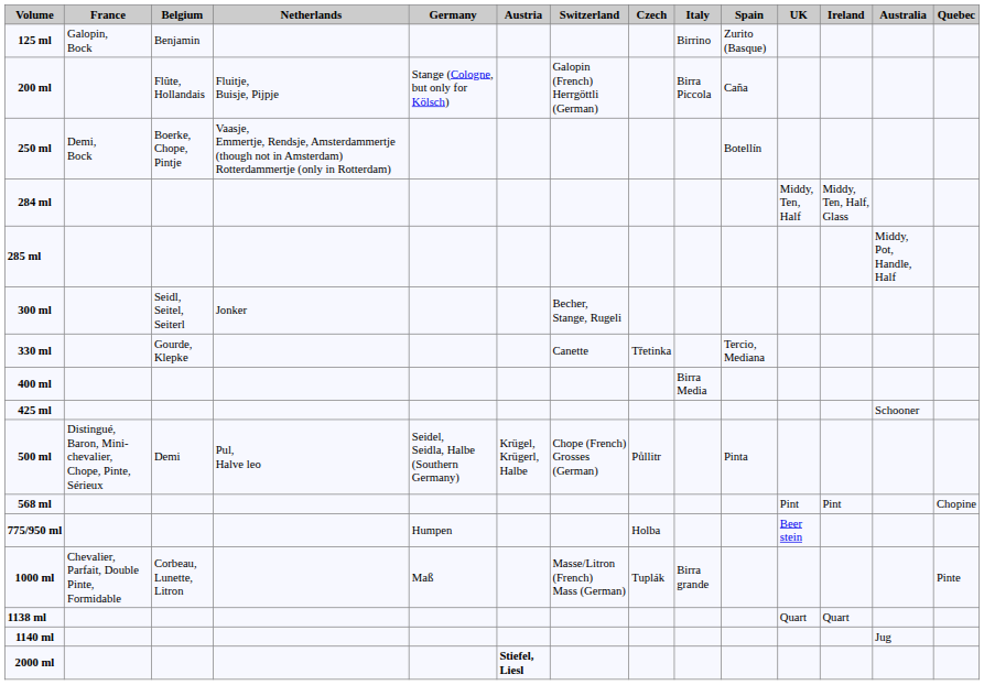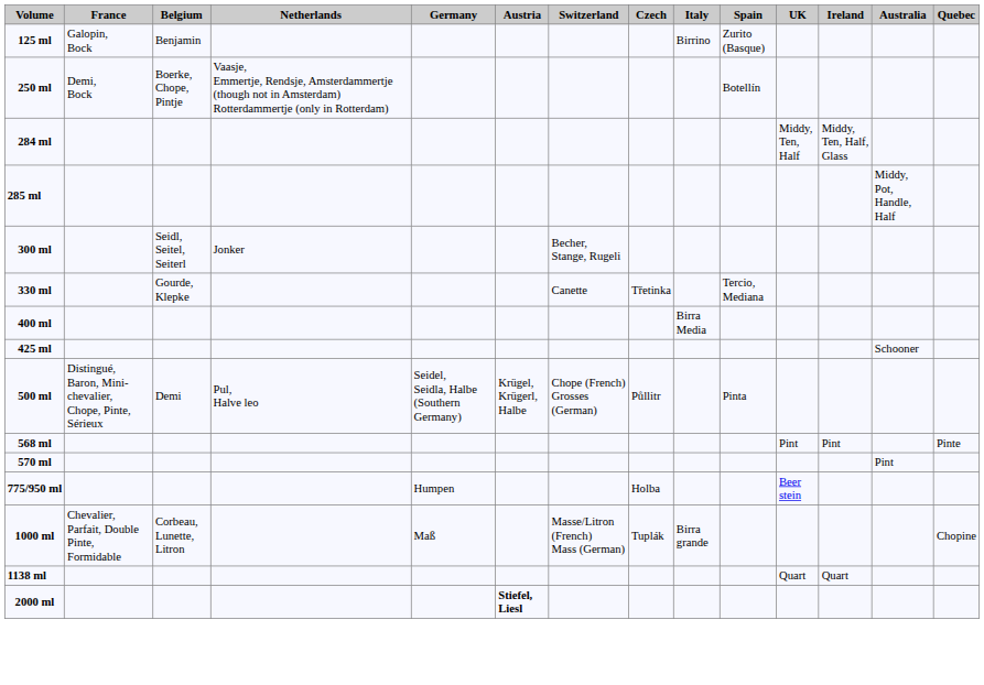 <table bgcolor="#f7f8ff" align="center" cellpadding="3" cellspacing="0" border="1" style="font-size: 95%; border: gray solid 1px; border-collapse: collapse;">
 <tr bgcolor="#cccccc">
 <th>Volume</th>
 <th>France</th>
 <th>Belgium</th>
 <th>Netherlands</th>
 <th>Germany</th>
 <th>Austria</th>
 <th>Switzerland</th>
 <th>Czech</th>
 <th>Italy</th>
 <th>Spain</th>
 <th>UK</th>
 <th>Ireland</th>
 <th>Australia</th>
 <th>Quebec</th>
 </tr>
 <tr>
 <td align="center"><strong>125 ml</strong></td>
 <td>Galopin,<br>Bock</td>
 <td>Benjamin</td>
 <td></td>
 <td></td>
 <td></td>
 <td></td>
 <td></td>
 <td>Birrino</td>
 <td>Zurito (Basque)</td>
-<td></td>
-<td></td>
-<td></td>
-<td></td>
-</tr>
-<tr>
-<td align="center"><strong>200 ml</strong></td>
-<td></td>
-<td>Flûte,<br>Hollandais</td>
-<td>Fluitje,<br>Buisje, Pijpje</td>
-<td>Stange (<a href='#'>Cologne</a>, but only for <a href='#'>Kölsch</a>)</td>
-<td></td>
-<td>Galopin (French)<br>Herrgöttli (German)</td>
-<td></td>
-<td>Birra Piccola</td>
-<td>Caña</td>
 <td></td>
 <td></td>
 <td></td>
 <td></td>
 </tr>
 <tr>
 <td align="center"><strong>250 ml</strong></td>
 <td>Demi,<br>Bock</td>
 <td>Boerke,<br>Chope, Pintje</td>
 <td>Vaasje,<br>Emmertje, Rendsje, Amsterdammertje (though not in Amsterdam) Rotterdammertje (only in Rotterdam)</td>
 <td></td>
 <td></td>
 <td></td>
 <td></td>
 <td></td>
 <td>Botellín</td>
 <td></td>
 <td></td>
 <td></td>
 <td></td>
 </tr>
 <tr>
 <td align="center"><strong>284 ml</strong></td>
 <td></td>
 <td></td>
 <td></td>
 <td></td>
 <td></td>
 <td></td>
 <td></td>
 <td></td>
 <td></td>
 <td>Middy,<br>Ten, Half</td>
 <td>Middy,<br>Ten, Half, Glass</td>
 <td></td>
 <td></td>
 </tr>
 <tr>
 <td><strong>285 ml</strong></td>
 <td></td>
 <td></td>
 <td></td>
 <td></td>
 <td></td>
 <td></td>
 <td></td>
 <td></td>
 <td></td>
 <td></td>
 <td></td>
 <td>Middy,<br>Pot, Handle, Half</td>
 <td></td>
 </tr>
 <tr>
 <td align="center"><strong>300 ml</strong></td>
 <td></td>
 <td>Seidl,<br>Seitel,<br>Seiterl</td>
 <td>Jonker</td>
 <td></td>
 <td></td>
 <td>Becher,<br>Stange, Rugeli</td>
 <td></td>
 <td></td>
 <td></td>
 <td></td>
 <td></td>
 <td></td>
 <td></td>
 </tr>
 <tr>
 <td align="center"><strong>330 ml</strong></td>
 <td></td>
 <td>Gourde,<br>Klepke</td>
 <td></td>
 <td></td>
 <td></td>
 <td>Canette</td>
 <td>Třetinka</td>
 <td></td>
 <td>Tercio,<br>Mediana</td>
 <td></td>
 <td></td>
 <td></td>
 <td></td>
 </tr>
 <tr>
 <td align="center"><strong>400 ml</strong></td>
 <td></td>
 <td></td>
 <td></td>
 <td></td>
 <td></td>
 <td></td>
 <td></td>
 <td>Birra Media</td>
 <td></td>
 <td></td>
 <td></td>
 <td></td>
 <td></td>
 </tr>
 <tr>
 <td align="center"><strong>425 ml</strong></td>
 <td></td>
 <td></td>
 <td></td>
 <td></td>
 <td></td>
 <td></td>
 <td></td>
 <td></td>
 <td></td>
 <td></td>
 <td></td>
 <td>Schooner</td>
 <td></td>
 </tr>
 <tr>
 <td align="center"><strong>500 ml</strong></td>
 <td>Distingué, Baron, Mini-chevalier,<br>Chope, Pinte, Sérieux</td>
 <td>Demi</td>
 <td>Pul,<br>Halve leo</td>
 <td>Seidel,<br>Seidla, Halbe (Southern Germany)</td>
 <td>Krügel,<br>Krügerl, Halbe</td>
 <td>Chope (French)<br>Grosses (German)</td>
 <td>Půllitr</td>
 <td></td>
 <td>Pinta</td>
 <td></td>
 <td></td>
 <td></td>
 <td></td>
 </tr>
 <tr>
 <td align="center"><strong>568 ml</strong></td>
 <td></td>
 <td></td>
 <td></td>
 <td></td>
 <td></td>
 <td></td>
 <td></td>
 <td></td>
 <td></td>
 <td>Pint</td>
 <td>Pint</td>
 <td></td>
-<td>Chopine</td>
+<td>Pinte</td>
+</tr>
+<tr>
+<td align="center"><strong>570 ml</strong></td>
+<td></td>
+<td></td>
+<td></td>
+<td></td>
+<td></td>
+<td></td>
+<td></td>
+<td></td>
+<td></td>
+<td></td>
+<td></td>
+<td>Pint</td>
+<td></td>
 </tr>
 <tr>
 <td align="center"><strong>775/950 ml</strong></td>
 <td></td>
 <td></td>
 <td></td>
 <td>Humpen</td>
 <td></td>
 <td></td>
 <td>Holba</td>
 <td></td>
 <td></td>
 <td><a href='#'>Beer stein</a></td>
 <td></td>
 <td></td>
 <td></td>
 </tr>
 <tr>
 <td align="center"><strong>1000 ml</strong></td>
 <td>Chevalier,<br>Parfait, Double Pinte, Formidable</td>
 <td>Corbeau,<br>Lunette, Litron</td>
 <td></td>
 <td>Maß</td>
 <td></td>
 <td>Masse/Litron (French)<br>Mass (German)</td>
 <td>Tuplák</td>
 <td>Birra grande</td>
 <td></td>
 <td></td>
 <td></td>
 <td></td>
-<td>Pinte</td>
+<td>Chopine</td>
 </tr>
 <tr>
 <td><strong>1138 ml</strong></td>
 <td></td>
 <td></td>
 <td></td>
 <td></td>
 <td></td>
 <td></td>
 <td></td>
 <td></td>
 <td></td>
 <td>Quart</td>
 <td>Quart</td>
 <td></td>
-<td></td>
-</tr>
-<tr>
-<td align="center"><strong>1140 ml</strong></td>
-<td></td>
-<td></td>
-<td></td>
-<td></td>
-<td></td>
-<td></td>
-<td></td>
-<td></td>
-<td></td>
-<td></td>
-<td></td>
-<td>Jug</td>
 <td></td>
 </tr>
 <tr>
 <td align="center"><strong>2000 ml</strong></td>
 <td></td>
 <td></td>
 <td></td>
 <td></td>
 <td><strong>Stiefel,<br>Liesl</strong></td>
 <td></td>
 <td></td>
 <td></td>
 <td></td>
 <td></td>
 <td></td>
 <td></td>
 <td></td>
 </tr>
 </table>
